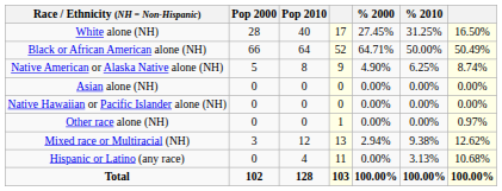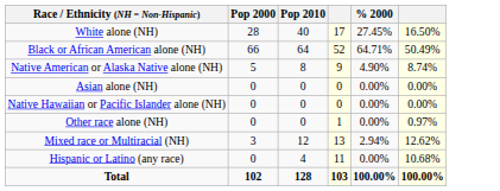 <table class="wikitable" style="text-align:center;">
 <tr>
 <th>Race / Ethnicity <small>(<em>NH = Non-Hispanic</em>)</small></th>
 <th>Pop 2000</th>
 <th>Pop 2010</th>
 <th></th>
 <th>% 2000</th>
-<th>% 2010</th>
 <th></th>
 </tr>
 <tr>
 <td><a href='#'>White</a> alone (NH)</td>
 <td>28</td>
 <td>40</td>
 <td style='background: #ffffe6;'>17</td>
 <td>27.45%</td>
-<td>31.25%</td>
 <td style='background: #ffffe6;'>16.50%</td>
 </tr>
 <tr>
 <td><a href='#'>Black or African American</a> alone (NH)</td>
 <td>66</td>
 <td>64</td>
 <td style='background: #ffffe6;'>52</td>
 <td>64.71%</td>
-<td>50.00%</td>
 <td style='background: #ffffe6;'>50.49%</td>
 </tr>
 <tr>
 <td><a href='#'>Native American</a> or <a href='#'>Alaska Native</a> alone (NH)</td>
 <td>5</td>
 <td>8</td>
 <td style='background: #ffffe6;'>9</td>
 <td>4.90%</td>
-<td>6.25%</td>
 <td style='background: #ffffe6;'>8.74%</td>
 </tr>
 <tr>
 <td><a href='#'>Asian</a> alone (NH)</td>
 <td>0</td>
 <td>0</td>
 <td style='background: #ffffe6;'>0</td>
-<td>0.00%</td>
 <td>0.00%</td>
 <td style='background: #ffffe6;'>0.00%</td>
 </tr>
 <tr>
 <td><a href='#'>Native Hawaiian</a> or <a href='#'>Pacific Islander</a> alone (NH)</td>
 <td>0</td>
 <td>0</td>
 <td style='background: #ffffe6;'>0</td>
 <td>0.00%</td>
-<td>0.00%</td>
 <td style='background: #ffffe6;'>0.00%</td>
 </tr>
 <tr>
 <td><a href='#'>Other race</a> alone (NH)</td>
 <td>0</td>
 <td>0</td>
 <td style='background: #ffffe6;'>1</td>
-<td>0.00%</td>
 <td>0.00%</td>
 <td style='background: #ffffe6;'>0.97%</td>
 </tr>
 <tr>
 <td><a href='#'>Mixed race or Multiracial</a> (NH)</td>
 <td>3</td>
 <td>12</td>
 <td style='background: #ffffe6;'>13</td>
 <td>2.94%</td>
-<td>9.38%</td>
 <td style='background: #ffffe6;'>12.62%</td>
 </tr>
 <tr>
 <td><a href='#'>Hispanic or Latino</a> (any race)</td>
 <td>0</td>
 <td>4</td>
 <td style='background: #ffffe6;'>11</td>
 <td>0.00%</td>
-<td>3.13%</td>
 <td style='background: #ffffe6;'>10.68%</td>
 </tr>
 <tr>
 <td><strong>Total</strong></td>
 <td><strong>102</strong></td>
 <td><strong>128</strong></td>
 <td style='background: #ffffe6;'><strong>103</strong></td>
 <td><strong>100.00%</strong></td>
-<td><strong>100.00%</strong></td>
 <td style='background: #ffffe6;'><strong>100.00%</strong></td>
 </tr>
 </table>
